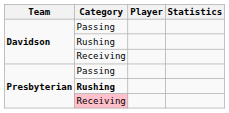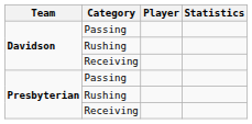 <table class="wikitable" style="float: right;">
 <tr>
 <th>Team</th>
 <th>Category</th>
 <th>Player</th>
 <th>Statistics</th>
 </tr>
 <tr>
 <td rowspan=3><strong>Davidson</strong></td>
 <td>Passing</td>
 <td></td>
 <td></td>
 </tr>
 <tr>
 <td>Rushing</td>
 <td></td>
 <td></td>
 </tr>
 <tr>
 <td>Receiving</td>
 <td></td>
 <td></td>
 </tr>
 <tr>
 <td rowspan=3><strong>Presbyterian</strong></td>
 <td>Passing</td>
 <td></td>
 <td></td>
 </tr>
 <tr>
-<td><strong>Rushing</strong></td>
+<td>Rushing</td>
 <td></td>
 <td></td>
 </tr>
 <tr>
-<td style="background: pink;">Receiving</td>
+<td>Receiving</td>
 <td></td>
 <td></td>
 </tr>
 </table>
